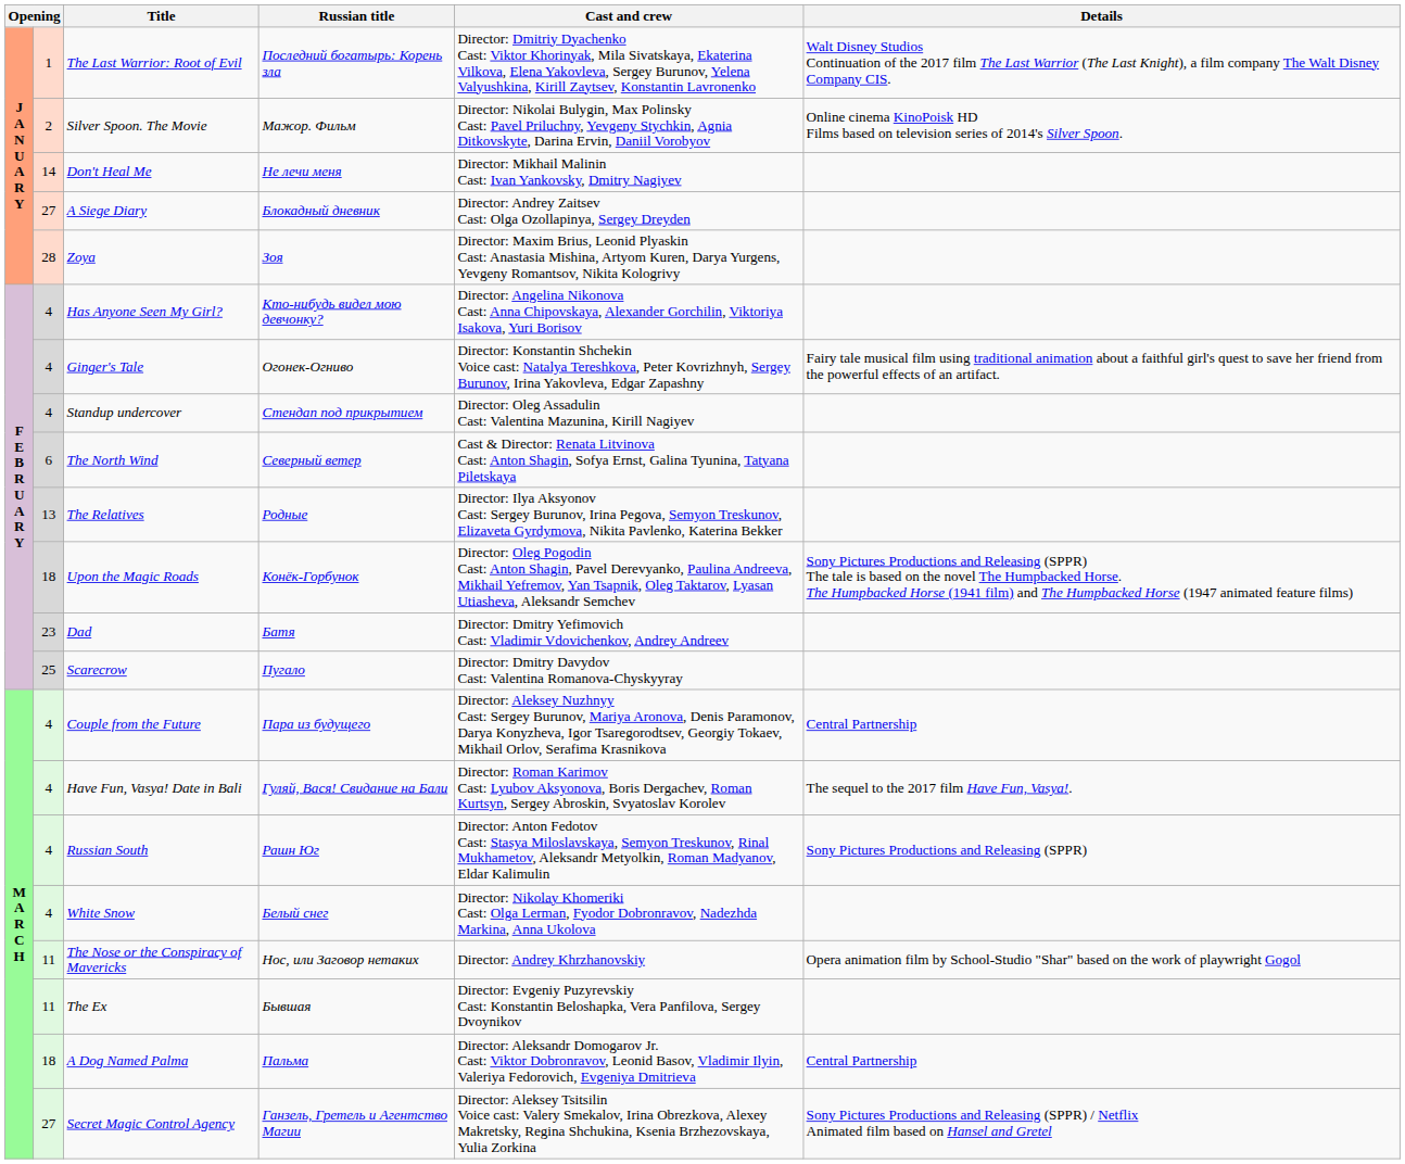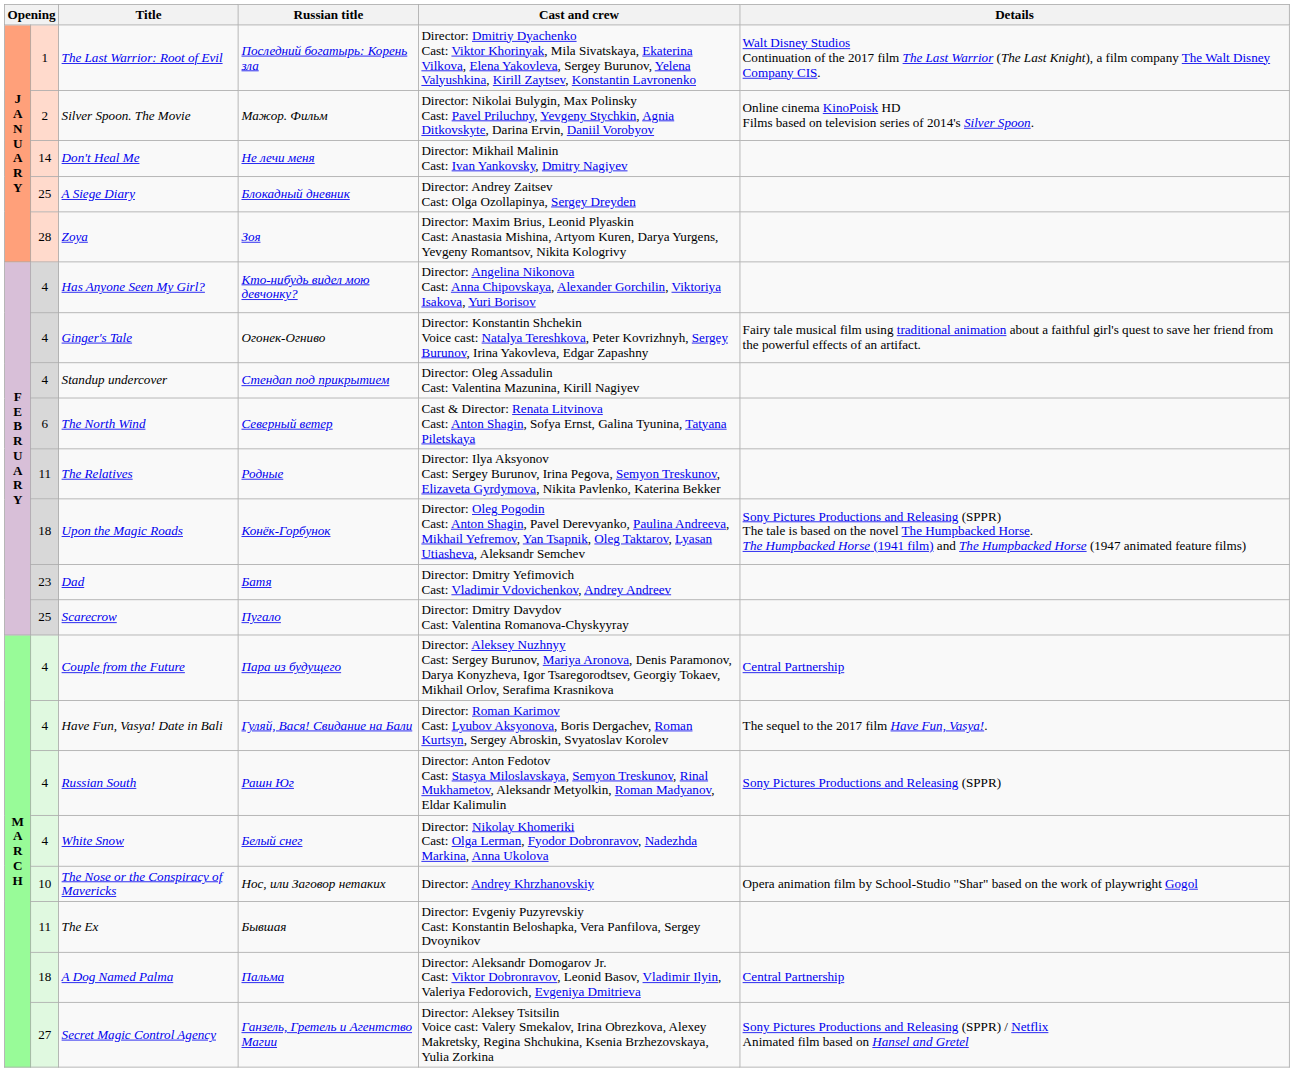 <table class="wikitable">
 <tr>
 <th colspan="2">Opening</th>
 <th style="width:14%;">Title</th>
 <th style="width:14%;">Russian title</th>
 <th style="width:25%;">Cast and crew</th>
 <th>Details</th>
 </tr>
 <tr>
 <th rowspan="5" style="background:#ffa07a; textcolor:#000;" align="center">J<br>A<br>N<br>U<br>A<br>R<br>Y</th>
 <td align="center" style="background:#ffdacc;">1</td>
 <td><em><a href='#'>The Last Warrior: Root of Evil</a></em></td>
 <td><em><a href='#'>Последний богатырь: Корень зла</a></em></td>
 <td>Director: <a href='#'>Dmitriy Dyachenko</a> <br> Cast: <a href='#'>Viktor Khorinyak</a>, Mila Sivatskaya, <a href='#'>Ekaterina Vilkova</a>, <a href='#'>Elena Yakovleva</a>, Sergey Burunov, <a href='#'>Yelena Valyushkina</a>, <a href='#'>Kirill Zaytsev</a>, <a href='#'>Konstantin Lavronenko</a></td>
 <td><a href='#'>Walt Disney Studios</a> <br> Continuation of the 2017 film <em><a href='#'>The Last Warrior</a></em> (<em>The Last Knight</em>), a film company <a href='#'>The Walt Disney Company CIS</a>.</td>
 </tr>
 <tr>
 <td align="center" style="background:#ffdacc;">2</td>
 <td><em>Silver Spoon. The Movie</em></td>
 <td><em>Мажор. Фильм</em></td>
 <td>Director: Nikolai Bulygin, Max Polinsky <br> Cast: <a href='#'>Pavel Priluchny</a>, <a href='#'>Yevgeny Stychkin</a>, <a href='#'>Agnia Ditkovskyte</a>, Darina Ervin, <a href='#'>Daniil Vorobyov</a></td>
 <td>Online cinema <a href='#'>KinoPoisk</a> HD <br> Films based on television series of 2014's <em><a href='#'>Silver Spoon</a></em>.</td>
 </tr>
 <tr>
 <td align="center" style="background:#ffdacc;">14</td>
 <td><em><a href='#'>Don't Heal Me</a></em></td>
 <td><em><a href='#'>Не лечи меня</a></em></td>
 <td>Director: Mikhail Malinin <br> Cast: <a href='#'>Ivan Yankovsky</a>, <a href='#'>Dmitry Nagiyev</a></td>
 <td></td>
 </tr>
 <tr>
-<td align="center" style="background:#ffdacc;">27</td>
+<td align="center" style="background:#ffdacc;">25</td>
 <td><em><a href='#'>A Siege Diary</a></em></td>
 <td><em><a href='#'>Блокадный дневник</a></em></td>
 <td>Director: Andrey Zaitsev <br> Cast: Olga Ozollapinya, <a href='#'>Sergey Dreyden</a></td>
 <td></td>
 </tr>
 <tr>
 <td align="center" style="background:#ffdacc;">28</td>
 <td><em><a href='#'>Zoya</a></em></td>
 <td><em><a href='#'>Зоя</a></em></td>
 <td>Director: Maxim Brius, Leonid Plyaskin <br> Cast: Anastasia Mishina, Artyom Kuren, Darya Yurgens, Yevgeny Romantsov, Nikita Kologrivy</td>
 <td></td>
 </tr>
 <tr>
 <th rowspan="8" align="center" style="background:thistle; textcolor:#000;">F<br>E<br>B<br>R<br>U<br>A<br>R<br>Y</th>
 <td align="center" style="background:#d8d8d8;">4</td>
 <td><em><a href='#'>Has Anyone Seen My Girl?</a></em></td>
 <td><em><a href='#'>Кто-нибудь видел мою девчонку?</a></em></td>
 <td>Director: <a href='#'>Angelina Nikonova</a> <br> Cast: <a href='#'>Anna Chipovskaya</a>, <a href='#'>Alexander Gorchilin</a>, <a href='#'>Viktoriya Isakova</a>, <a href='#'>Yuri Borisov</a></td>
 <td></td>
 </tr>
 <tr>
 <td align="center" style="background:#d8d8d8;">4</td>
 <td><em><a href='#'>Ginger's Tale</a></em></td>
 <td><em>Огонек-Огниво</em></td>
 <td>Director: Konstantin Shchekin <br> Voice cast: <a href='#'>Natalya Tereshkova</a>, Peter Kovrizhnyh, <a href='#'>Sergey Burunov</a>, Irina Yakovleva, Edgar Zapashny</td>
 <td>Fairy tale musical film using <a href='#'>traditional animation</a> about a faithful girl's quest to save her friend from the powerful effects of an artifact.</td>
 </tr>
 <tr>
 <td align="center" style="background:#d8d8d8;">4</td>
 <td><em>Standup undercover</em></td>
 <td><em><a href='#'>Стендап под прикрытием</a></em></td>
 <td>Director: Oleg Assadulin <br> Cast: Valentina Mazunina, Kirill Nagiyev</td>
 <td></td>
 </tr>
 <tr>
 <td align="center" style="background:#d8d8d8;">6</td>
 <td><em><a href='#'>The North Wind</a></em></td>
 <td><em><a href='#'>Северный ветер</a></em></td>
 <td>Cast & Director: <a href='#'>Renata Litvinova</a> <br> Cast: <a href='#'>Anton Shagin</a>, Sofya Ernst, Galina Tyunina, <a href='#'>Tatyana Piletskaya</a></td>
 <td></td>
 </tr>
 <tr>
-<td align="center" style="background:#d8d8d8;">13</td>
+<td align="center" style="background:#d8d8d8;">11</td>
 <td><em><a href='#'>The Relatives</a></em></td>
 <td><em><a href='#'>Родные</a></em></td>
 <td>Director: Ilya Aksyonov <br> Cast: Sergey Burunov, Irina Pegova, <a href='#'>Semyon Treskunov</a>, <a href='#'>Elizaveta Gyrdymova</a>, Nikita Pavlenko, Katerina Bekker</td>
 <td></td>
 </tr>
 <tr>
 <td align="center" style="background:#d8d8d8;">18</td>
 <td><em><a href='#'>Upon the Magic Roads</a></em></td>
 <td><em><a href='#'>Конёк-Горбунок</a></em></td>
 <td>Director: <a href='#'>Oleg Pogodin</a> <br> Cast: <a href='#'>Anton Shagin</a>, Pavel Derevyanko, <a href='#'>Paulina Andreeva</a>, <a href='#'>Mikhail Yefremov</a>, <a href='#'>Yan Tsapnik</a>, <a href='#'>Oleg Taktarov</a>, <a href='#'>Lyasan Utiasheva</a>, Aleksandr Semchev</td>
 <td><a href='#'>Sony Pictures Productions and Releasing</a> (SPPR) <br> The tale is based on the novel <a href='#'>The Humpbacked Horse</a>. <br> <a href='#'><em>The Humpbacked Horse</em> (1941 film)</a> and <em><a href='#'>The Humpbacked Horse</a></em> (1947 animated feature films) <br>  </td>
 </tr>
 <tr>
 <td align="center" style="background:#d8d8d8;">23</td>
 <td><em><a href='#'>Dad</a></em></td>
 <td><em><a href='#'>Батя</a></em></td>
 <td>Director: Dmitry Yefimovich <br> Cast: <a href='#'>Vladimir Vdovichenkov</a>, <a href='#'>Andrey Andreev</a></td>
 <td></td>
 </tr>
 <tr>
 <td align="center" style="background:#d8d8d8;">25</td>
 <td><em><a href='#'>Scarecrow</a></em></td>
 <td><em><a href='#'>Пугало</a></em></td>
 <td>Director: Dmitry Davydov <br> Cast: Valentina Romanova-Chyskyyray</td>
 <td></td>
 </tr>
 <tr>
 <th rowspan="8" style="background:#98fb98; textcolor:#000;" align="center">M<br>A<br>R<br>C<br>H</th>
 <td align="center" style="background:#e0f9e0;">4</td>
 <td><em><a href='#'>Couple from the Future</a></em></td>
 <td><em><a href='#'>Пара из будущего</a></em></td>
 <td>Director: <a href='#'>Aleksey Nuzhnyy</a> <br> Cast: Sergey Burunov, <a href='#'>Mariya Aronova</a>, Denis Paramonov, Darya Konyzheva, Igor Tsaregorodtsev, Georgiy Tokaev, Mikhail Orlov, Serafima Krasnikova</td>
 <td><a href='#'>Central Partnership</a></td>
 </tr>
 <tr>
 <td align="center" style="background:#e0f9e0;">4</td>
 <td><em>Have Fun, Vasya! Date in Bali</em></td>
 <td><em><a href='#'>Гуляй, Вася! Свидание на Бали</a></em></td>
 <td>Director: <a href='#'>Roman Karimov</a> <br> Cast: <a href='#'>Lyubov Aksyonova</a>, Boris Dergachev, <a href='#'>Roman Kurtsyn</a>, Sergey Abroskin, Svyatoslav Korolev</td>
 <td>The sequel to the 2017 film <em><a href='#'>Have Fun, Vasya!</a></em>.</td>
 </tr>
 <tr>
 <td align="center" style="background:#e0f9e0;">4</td>
 <td><em><a href='#'>Russian South</a></em></td>
 <td><em><a href='#'>Рашн Юг</a></em></td>
 <td>Director: Anton Fedotov <br> Cast: <a href='#'>Stasya Miloslavskaya</a>, <a href='#'>Semyon Treskunov</a>, <a href='#'>Rinal Mukhametov</a>, Aleksandr Metyolkin, <a href='#'>Roman Madyanov</a>, Eldar Kalimulin</td>
 <td><a href='#'>Sony Pictures Productions and Releasing</a> (SPPR)</td>
 </tr>
 <tr>
 <td align="center" style="background:#e0f9e0;">4</td>
 <td><em><a href='#'>White Snow</a></em></td>
 <td><em><a href='#'>Белый снег</a></em></td>
 <td>Director: <a href='#'>Nikolay Khomeriki</a> <br> Cast: <a href='#'>Olga Lerman</a>, <a href='#'>Fyodor Dobronravov</a>, <a href='#'>Nadezhda Markina</a>, <a href='#'>Anna Ukolova</a></td>
 <td></td>
 </tr>
 <tr>
-<td align="center" style="background:#e0f9e0;">11</td>
+<td align="center" style="background:#e0f9e0;">10</td>
 <td><em><a href='#'>The Nose or the Conspiracy of Mavericks</a></em></td>
 <td><em>Нос, или Заговор нетаких</em></td>
 <td>Director: <a href='#'>Andrey Khrzhanovskiy</a></td>
 <td>Opera animation film by School-Studio "Shar" based on the work of playwright <a href='#'>Gogol</a></td>
 </tr>
 <tr>
 <td align="center" style="background:#e0f9e0;">11</td>
 <td><em>The Ex</em></td>
 <td><em>Бывшая</em></td>
 <td>Director: Evgeniy Puzyrevskiy <br> Cast: Konstantin Beloshapka, Vera Panfilova, Sergey Dvoynikov</td>
 <td></td>
 </tr>
 <tr>
 <td align="center" style="background:#e0f9e0;">18</td>
 <td><em><a href='#'>A Dog Named Palma</a></em></td>
 <td><em><a href='#'>Пальма</a></em></td>
 <td>Director: Aleksandr Domogarov Jr. <br> Cast: <a href='#'>Viktor Dobronravov</a>, Leonid Basov, <a href='#'>Vladimir Ilyin</a>, Valeriya Fedorovich, <a href='#'>Evgeniya Dmitrieva</a></td>
 <td><a href='#'>Central Partnership</a></td>
 </tr>
 <tr>
 <td align="center" style="background:#e0f9e0;">27</td>
 <td><em><a href='#'>Secret Magic Control Agency</a></em></td>
 <td><em><a href='#'>Ганзель, Гретель и Агентство Магии</a></em></td>
 <td>Director: Aleksey Tsitsilin <br>Voice cast: Valery Smekalov, Irina Obrezkova, Alexey Makretsky, Regina Shchukina, Ksenia Brzhezovskaya, Yulia Zorkina</td>
 <td><a href='#'>Sony Pictures Productions and Releasing</a> (SPPR) / <a href='#'>Netflix</a> <br> Animated film based on <em><a href='#'>Hansel and Gretel</a></em></td>
 </tr>
 </table>
